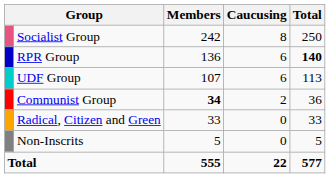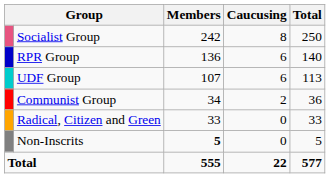 <table class=wikitable style=text-align:right>
 <tr>
 <th colspan=2>Group</th>
 <th>Members</th>
 <th>Caucusing</th>
 <th>Total</th>
 </tr>
 <tr>
 <td bgcolor="#E75480"></td>
 <td align=left><a href='#'>Socialist</a> Group</td>
 <td>242</td>
 <td>8</td>
 <td>250</td>
 </tr>
 <tr>
 <td bgcolor="#0000C8"></td>
 <td align=left><a href='#'>RPR</a> Group</td>
 <td>136</td>
 <td>6</td>
-<td><strong>140</strong></td>
+<td>140</td>
 </tr>
 <tr>
 <td bgcolor="#00CCCC"></td>
 <td align=left><a href='#'>UDF</a> Group</td>
 <td>107</td>
 <td>6</td>
 <td>113</td>
 </tr>
 <tr>
 <td bgcolor="red"></td>
 <td align=left><a href='#'>Communist</a> Group</td>
-<td><strong>34</strong></td>
+<td>34</td>
 <td>2</td>
 <td>36</td>
 </tr>
 <tr>
 <td bgcolor="orange"> </td>
 <td align=left><a href='#'>Radical</a>, <a href='#'>Citizen</a> and <a href='#'>Green</a></td>
 <td>33</td>
 <td>0</td>
 <td>33</td>
 </tr>
 <tr>
 <td bgcolor="gray"> </td>
 <td align=left>Non-Inscrits</td>
-<td>5</td>
+<td><strong>5</strong></td>
 <td>0</td>
 <td>5</td>
 </tr>
 <tr>
 <td align=left colspan=2><strong>Total</strong></td>
 <td><strong>555</strong></td>
 <td><strong>22</strong></td>
 <td><strong>577</strong></td>
 </tr>
 </table>
